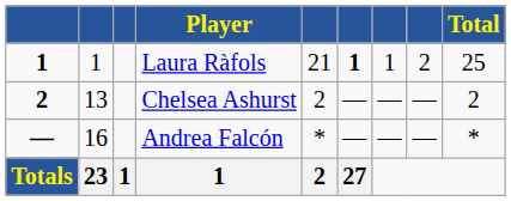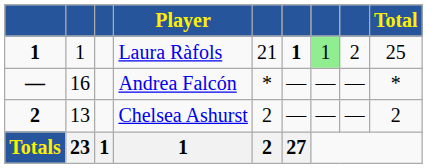 <table class="wikitable" style="text-align:center">
 <tr>
 <th style="background:#26559B; color:#FFF000; "></th>
 <th style="background:#26559B; color:#FFF000; "></th>
 <th style="background:#26559B; color:#FFF000; "></th>
 <th style="background:#26559B; color:#FFF000; ">Player</th>
 <th style="background:#26559B; color:#FFF000; "></th>
 <th style="background:#26559B; color:#FFF000; "></th>
 <th style="background:#26559B; color:#FFF000; "></th>
 <th style="background:#26559B; color:#FFF000; "></th>
 <th style="background:#26559B; color:#FFF000; ">Total</th>
 </tr>
 <tr>
 <td><strong>1</strong></td>
 <td>1</td>
 <td></td>
 <td align="left"><a href='#'>Laura Ràfols</a></td>
 <td>21</td>
 <td><strong>1</strong></td>
-<td>1</td>
+<td style="background: lightgreen;">1</td>
 <td>2</td>
 <td>25</td>
+</tr>
+<tr>
+<td><strong>—</strong></td>
+<td>16</td>
+<td></td>
+<td align="left"><a href='#'>Andrea Falcón</a></td>
+<td>*</td>
+<td>—</td>
+<td>—</td>
+<td>—</td>
+<td>*</td>
 </tr>
 <tr>
 <td><strong>2</strong></td>
 <td>13</td>
 <td></td>
 <td align="left"><a href='#'>Chelsea Ashurst</a></td>
 <td>2</td>
 <td>—</td>
 <td>—</td>
 <td>—</td>
 <td>2</td>
 </tr>
 <tr>
-<td><strong>—</strong></td>
-<td>16</td>
-<td></td>
-<td align="left"><a href='#'>Andrea Falcón</a></td>
-<td>*</td>
-<td>—</td>
-<td>—</td>
-<td>—</td>
-<td>*</td>
-</tr>
-<tr>
 <th style="background:#26559B; color:#FFF000; "><strong>Totals</strong></th>
 <th>23</th>
 <th>1</th>
 <th>1</th>
 <th>2</th>
 <th>27</th>
 </tr>
 </table>
